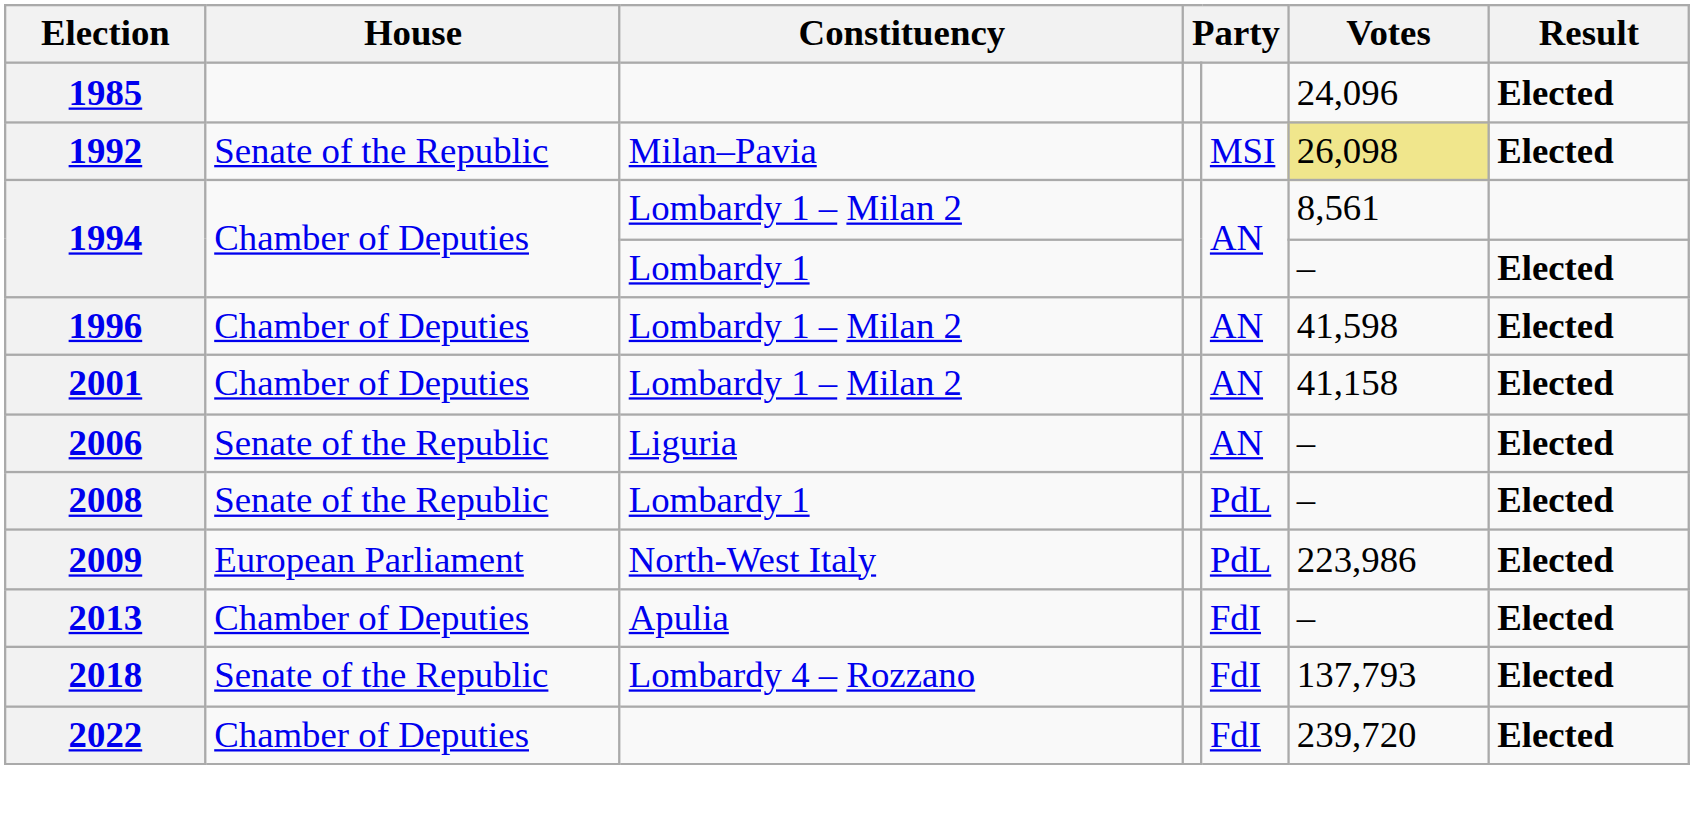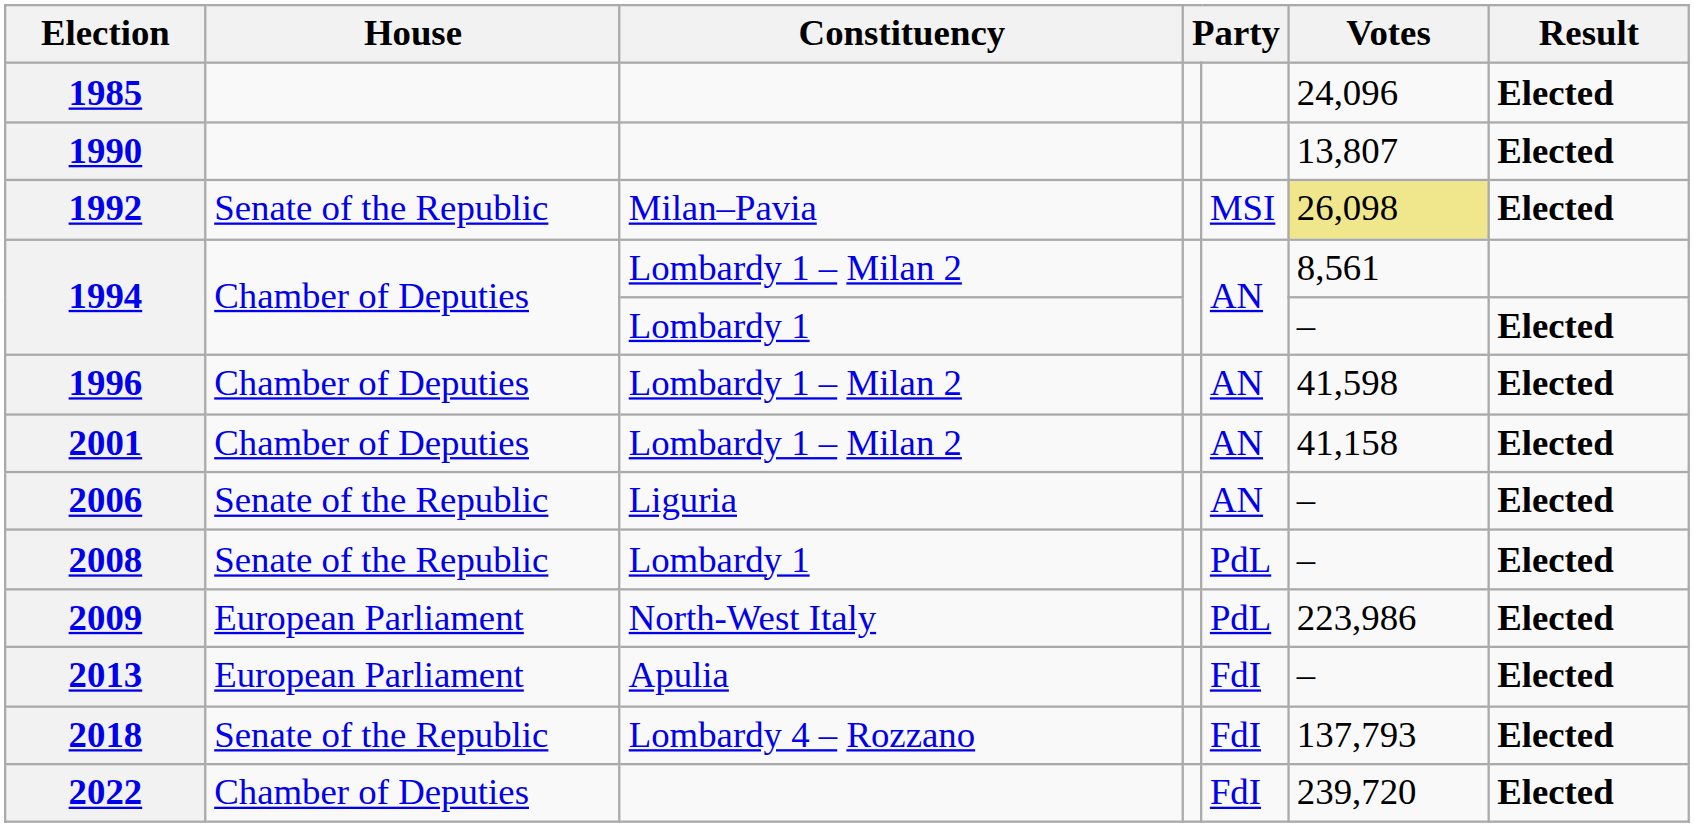 <table class=wikitable style="width:58%; border:1px #AAAAFF solid">
 <tr>
 <th width=12%>Election</th>
 <th width=25%>House</th>
 <th width=34%>Constituency</th>
 <th width=5% colspan="2">Party</th>
 <th width=12%>Votes</th>
 <th width=12%>Result</th>
 </tr>
 <tr>
 <th><a href='#'>1985</a></th>
 <td></td>
 <td></td>
 <td></td>
 <td></td>
 <td>24,096</td>
+<td> <strong>Elected</strong></td>
+</tr>
+<tr>
+<th><a href='#'>1990</a></th>
+<td></td>
+<td></td>
+<td></td>
+<td></td>
+<td>13,807</td>
 <td> <strong>Elected</strong></td>
 </tr>
 <tr>
 <th><a href='#'>1992</a></th>
 <td><a href='#'>Senate of the Republic</a></td>
 <td><a href='#'>Milan–Pavia</a></td>
 <td></td>
 <td><a href='#'>MSI</a></td>
 <td style="background: khaki;">26,098</td>
 <td> <strong>Elected</strong></td>
 </tr>
 <tr>
 <th rowspan=2><a href='#'>1994</a></th>
 <td rowspan=2><a href='#'>Chamber of Deputies</a></td>
 <td><a href='#'>Lombardy 1 –</a> <a href='#'>Milan 2</a></td>
 <td rowspan=2></td>
 <td rowspan=2><a href='#'>AN</a></td>
 <td>8,561</td>
 <td></td>
 </tr>
 <tr>
 <td><a href='#'>Lombardy 1</a></td>
 <td>–</td>
 <td> <strong>Elected</strong></td>
 </tr>
 <tr>
 <th><a href='#'>1996</a></th>
 <td><a href='#'>Chamber of Deputies</a></td>
 <td><a href='#'>Lombardy 1 –</a> <a href='#'>Milan 2</a></td>
 <td></td>
 <td><a href='#'>AN</a></td>
 <td>41,598</td>
 <td> <strong>Elected</strong></td>
 </tr>
 <tr>
 <th><a href='#'>2001</a></th>
 <td><a href='#'>Chamber of Deputies</a></td>
 <td><a href='#'>Lombardy 1 –</a> <a href='#'>Milan 2</a></td>
 <td></td>
 <td><a href='#'>AN</a></td>
 <td>41,158</td>
 <td> <strong>Elected</strong></td>
 </tr>
 <tr>
 <th><a href='#'>2006</a></th>
 <td><a href='#'>Senate of the Republic</a></td>
 <td><a href='#'>Liguria</a></td>
 <td></td>
 <td><a href='#'>AN</a></td>
 <td>–</td>
 <td> <strong>Elected</strong></td>
 </tr>
 <tr>
 <th><a href='#'>2008</a></th>
 <td><a href='#'>Senate of the Republic</a></td>
 <td><a href='#'>Lombardy 1</a></td>
 <td></td>
 <td><a href='#'>PdL</a></td>
 <td>–</td>
 <td> <strong>Elected</strong></td>
 </tr>
 <tr>
 <th><a href='#'>2009</a></th>
 <td><a href='#'>European Parliament</a></td>
 <td><a href='#'>North-West Italy</a></td>
 <td></td>
 <td><a href='#'>PdL</a></td>
 <td>223,986</td>
 <td> <strong>Elected</strong></td>
 </tr>
 <tr>
 <th><a href='#'>2013</a></th>
-<td><a href='#'>Chamber of Deputies</a></td>
+<td><a href='#'>European Parliament</a></td>
 <td><a href='#'>Apulia</a></td>
 <td></td>
 <td><a href='#'>FdI</a></td>
 <td>–</td>
 <td> <strong>Elected</strong></td>
 </tr>
 <tr>
 <th><a href='#'>2018</a></th>
 <td><a href='#'>Senate of the Republic</a></td>
 <td><a href='#'>Lombardy 4 –</a> <a href='#'>Rozzano</a></td>
 <td></td>
 <td><a href='#'>FdI</a></td>
 <td>137,793</td>
 <td> <strong>Elected</strong></td>
 </tr>
 <tr>
 <th><a href='#'>2022</a></th>
 <td><a href='#'>Chamber of Deputies</a></td>
 <td></td>
 <td></td>
 <td><a href='#'>FdI</a></td>
 <td>239,720</td>
 <td> <strong>Elected</strong></td>
 </tr>
 </table>
